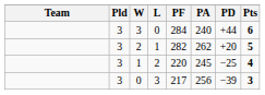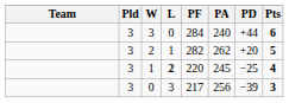 <table class=wikitable>
 <tr align=center>
 </tr>
 <tr>
 <th width=150>Team</th>
 <th width=20>Pld</th>
 <th width=20>W</th>
 <th width=20>L</th>
 <th width=30>PF</th>
 <th width=30>PA</th>
 <th width=30>PD</th>
 <th width=20>Pts</th>
 </tr>
 <tr align=center>
 <td align=left></td>
 <td>3</td>
 <td>3</td>
 <td>0</td>
 <td>284</td>
 <td>240</td>
 <td>+44</td>
 <td><strong>6</strong></td>
 </tr>
 <tr align=center>
 <td align=left></td>
 <td>3</td>
 <td>2</td>
 <td>1</td>
 <td>282</td>
 <td>262</td>
 <td>+20</td>
 <td><strong>5</strong></td>
 </tr>
 <tr align=center>
 <td align=left></td>
 <td>3</td>
 <td>1</td>
-<td>2</td>
+<td><strong>2</strong></td>
 <td>220</td>
 <td>245</td>
 <td>−25</td>
 <td><strong>4</strong></td>
 </tr>
 <tr align=center>
 <td align=left></td>
 <td>3</td>
 <td>0</td>
 <td>3</td>
 <td>217</td>
 <td>256</td>
 <td>−39</td>
 <td><strong>3</strong></td>
 </tr>
 </table>
